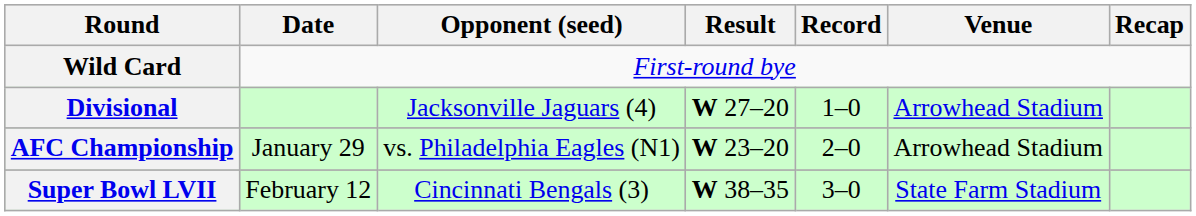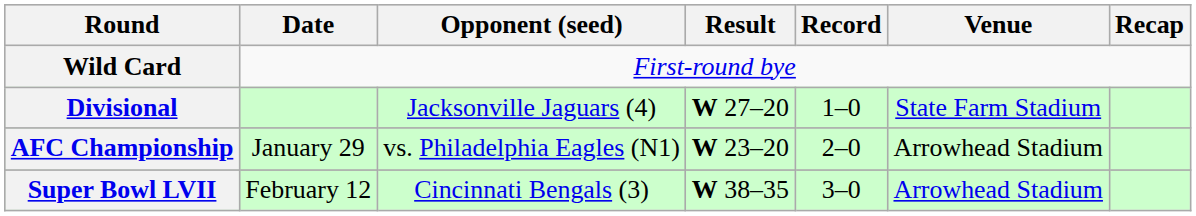 <table class="wikitable" style="text-align:center">
 <tr>
 <th>Round</th>
 <th>Date</th>
 <th>Opponent (seed)</th>
 <th>Result</th>
 <th>Record</th>
 <th>Venue</th>
 <th>Recap</th>
 </tr>
 <tr>
 <th>Wild Card</th>
 <td colspan="6"><em><a href='#'>First-round bye</a></em></td>
 </tr>
 <tr style="background:#cfc">
 <th><a href='#'>Divisional</a></th>
 <td></td>
 <td><a href='#'>Jacksonville Jaguars</a> (4)</td>
 <td><strong>W</strong> 27–20</td>
 <td>1–0</td>
-<td><a href='#'>Arrowhead Stadium</a></td>
+<td><a href='#'>State Farm Stadium</a></td>
 <td></td>
 </tr>
 <tr style="background:#cfc">
 <th><a href='#'>AFC Championship</a></th>
 <td>January 29</td>
 <td>vs. <a href='#'>Philadelphia Eagles</a> (N1)</td>
 <td><strong>W</strong> 23–20</td>
 <td>2–0</td>
 <td>Arrowhead Stadium</td>
 <td></td>
 </tr>
 <tr style="background:#cfc">
 <th><a href='#'>Super Bowl LVII</a></th>
 <td>February 12</td>
 <td><a href='#'>Cincinnati Bengals</a> (3)</td>
 <td><strong>W</strong> 38–35</td>
 <td>3–0</td>
-<td><a href='#'>State Farm Stadium</a></td>
+<td><a href='#'>Arrowhead Stadium</a></td>
 <td></td>
 </tr>
 </table>
